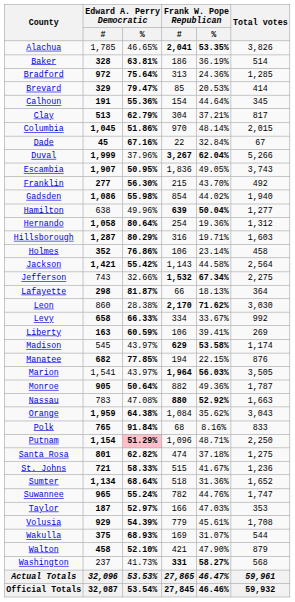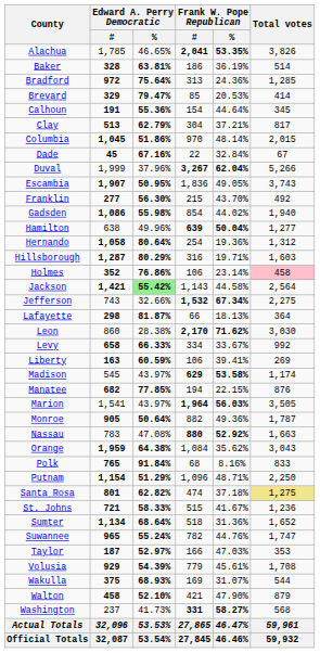 <table class="wikitable sortable">
 <tr>
 <th rowspan="2">County</th>
 <th colspan="2" style="text-align: center;" >Edward A. Perry <br><em>Democratic</em></th>
 <th colspan="2" style="text-align: center;" >Frank W. Pope <br> <em>Republican</em></th>
 <th rowspan="2">Total votes</th>
 </tr>
 <tr>
 <th colspan="1" style="text-align: center;" >#</th>
 <th colspan="1" style="text-align: center;" >%</th>
 <th colspan="1" style="text-align: center;" >#</th>
 <th colspan="1" style="text-align: center;" >%</th>
 </tr>
 <tr style="text-align:center;">
 <td><a href='#'>Alachua</a></td>
 <td>1,785</td>
 <td>46.65%</td>
 <td><strong>2,041</strong></td>
 <td><strong>53.35%</strong></td>
 <td>3,826</td>
 </tr>
 <tr style="text-align:center;">
 <td><a href='#'>Baker</a></td>
 <td><strong>328</strong></td>
 <td><strong>63.81%</strong></td>
 <td>186</td>
 <td>36.19%</td>
 <td>514</td>
 </tr>
 <tr style="text-align:center;">
 <td><a href='#'>Bradford</a></td>
 <td><strong>972</strong></td>
 <td><strong>75.64%</strong></td>
 <td>313</td>
 <td>24.36%</td>
 <td>1,285</td>
 </tr>
 <tr style="text-align:center;">
 <td><a href='#'>Brevard</a></td>
 <td><strong>329</strong></td>
 <td><strong>79.47%</strong></td>
 <td>85</td>
 <td>20.53%</td>
 <td>414</td>
 </tr>
 <tr style="text-align:center;">
 <td><a href='#'>Calhoun</a></td>
 <td><strong>191</strong></td>
 <td><strong>55.36%</strong></td>
 <td>154</td>
 <td>44.64%</td>
 <td>345</td>
 </tr>
 <tr style="text-align:center;">
 <td><a href='#'>Clay</a></td>
 <td><strong>513</strong></td>
 <td><strong>62.79%</strong></td>
 <td>304</td>
 <td>37.21%</td>
 <td>817</td>
 </tr>
 <tr style="text-align:center;">
 <td><a href='#'>Columbia</a></td>
 <td><strong>1,045</strong></td>
 <td><strong>51.86%</strong></td>
 <td>970</td>
 <td>48.14%</td>
 <td>2,015</td>
 </tr>
 <tr style="text-align:center;">
 <td><a href='#'>Dade</a></td>
 <td><strong>45</strong></td>
 <td><strong>67.16%</strong></td>
 <td>22</td>
 <td>32.84%</td>
 <td>67</td>
 </tr>
 <tr style="text-align:center;">
 <td><a href='#'>Duval</a></td>
-<td><strong>1,999</strong></td>
+<td>1,999</td>
 <td>37.96%</td>
 <td><strong>3,267</strong></td>
 <td><strong>62.04%</strong></td>
 <td>5,266</td>
 </tr>
 <tr style="text-align:center;">
 <td><a href='#'>Escambia</a></td>
 <td><strong>1,907</strong></td>
 <td><strong>50.95%</strong></td>
 <td>1,836</td>
 <td>49.05%</td>
 <td>3,743</td>
 </tr>
 <tr style="text-align:center;">
 <td><a href='#'>Franklin</a></td>
 <td><strong>277</strong></td>
 <td><strong>56.30%</strong></td>
 <td>215</td>
 <td>43.70%</td>
 <td>492</td>
 </tr>
 <tr style="text-align:center;">
 <td><a href='#'>Gadsden</a></td>
 <td><strong>1,086</strong></td>
 <td><strong>55.98%</strong></td>
 <td>854</td>
 <td>44.02%</td>
 <td>1,940</td>
 </tr>
 <tr style="text-align:center;">
 <td><a href='#'>Hamilton</a></td>
 <td>638</td>
 <td>49.96%</td>
 <td><strong>639</strong></td>
 <td><strong>50.04%</strong></td>
 <td>1,277</td>
 </tr>
 <tr style="text-align:center;">
 <td><a href='#'>Hernando</a></td>
 <td><strong>1,058</strong></td>
 <td><strong>80.64%</strong></td>
 <td>254</td>
 <td>19.36%</td>
 <td>1,312</td>
 </tr>
 <tr style="text-align:center;">
 <td><a href='#'>Hillsborough</a></td>
 <td><strong>1,287</strong></td>
 <td><strong>80.29%</strong></td>
 <td>316</td>
 <td>19.71%</td>
 <td>1,603</td>
 </tr>
 <tr style="text-align:center;">
 <td><a href='#'>Holmes</a></td>
 <td><strong>352</strong></td>
 <td><strong>76.86%</strong></td>
 <td>106</td>
 <td>23.14%</td>
-<td>458</td>
+<td style="background: pink;">458</td>
 </tr>
 <tr style="text-align:center;">
 <td><a href='#'>Jackson</a></td>
 <td><strong>1,421</strong></td>
-<td><strong>55.42%</strong></td>
+<td style="background: lightgreen;"><strong>55.42%</strong></td>
 <td>1,143</td>
 <td>44.58%</td>
 <td>2,564</td>
 </tr>
 <tr style="text-align:center;">
 <td><a href='#'>Jefferson</a></td>
 <td>743</td>
 <td>32.66%</td>
 <td><strong>1,532</strong></td>
 <td><strong>67.34%</strong></td>
 <td>2,275</td>
 </tr>
 <tr style="text-align:center;">
 <td><a href='#'>Lafayette</a></td>
 <td><strong>298</strong></td>
 <td><strong>81.87%</strong></td>
 <td>66</td>
 <td>18.13%</td>
 <td>364</td>
 </tr>
 <tr style="text-align:center;">
 <td><a href='#'>Leon</a></td>
 <td>860</td>
 <td>28.38%</td>
 <td><strong>2,170</strong></td>
 <td><strong>71.62%</strong></td>
 <td>3,030</td>
 </tr>
 <tr style="text-align:center;">
 <td><a href='#'>Levy</a></td>
 <td><strong>658</strong></td>
 <td><strong>66.33%</strong></td>
 <td>334</td>
 <td>33.67%</td>
 <td>992</td>
 </tr>
 <tr style="text-align:center;">
 <td><a href='#'>Liberty</a></td>
 <td><strong>163</strong></td>
 <td><strong>60.59%</strong></td>
 <td>106</td>
 <td>39.41%</td>
 <td>269</td>
 </tr>
 <tr style="text-align:center;">
 <td><a href='#'>Madison</a></td>
 <td>545</td>
 <td>43.97%</td>
 <td><strong>629</strong></td>
 <td><strong>53.58%</strong></td>
 <td>1,174</td>
 </tr>
 <tr style="text-align:center;">
 <td><a href='#'>Manatee</a></td>
 <td><strong>682</strong></td>
 <td><strong>77.85%</strong></td>
 <td>194</td>
 <td>22.15%</td>
 <td>876</td>
 </tr>
 <tr style="text-align:center;">
 <td><a href='#'>Marion</a></td>
 <td>1,541</td>
 <td>43.97%</td>
 <td><strong>1,964</strong></td>
 <td><strong>56.03%</strong></td>
 <td>3,505</td>
 </tr>
 <tr style="text-align:center;">
 <td><a href='#'>Monroe</a></td>
 <td><strong>905</strong></td>
 <td><strong>50.64%</strong></td>
 <td>882</td>
 <td>49.36%</td>
 <td>1,787</td>
 </tr>
 <tr style="text-align:center;">
 <td><a href='#'>Nassau</a></td>
 <td>783</td>
 <td>47.08%</td>
 <td><strong>880</strong></td>
 <td><strong>52.92%</strong></td>
 <td>1,663</td>
 </tr>
 <tr style="text-align:center;">
 <td><a href='#'>Orange</a></td>
 <td><strong>1,959</strong></td>
 <td><strong>64.38%</strong></td>
 <td>1,084</td>
 <td>35.62%</td>
 <td>3,043</td>
 </tr>
 <tr style="text-align:center;">
 <td><a href='#'>Polk</a></td>
 <td><strong>765</strong></td>
 <td><strong>91.84%</strong></td>
 <td>68</td>
 <td>8.16%</td>
 <td>833</td>
 </tr>
 <tr style="text-align:center;">
 <td><a href='#'>Putnam</a></td>
 <td><strong>1,154</strong></td>
-<td style="background: pink;"><strong>51.29%</strong></td>
+<td><strong>51.29%</strong></td>
 <td>1,096</td>
 <td>48.71%</td>
 <td>2,250</td>
 </tr>
 <tr style="text-align:center;">
 <td><a href='#'>Santa Rosa</a></td>
 <td><strong>801</strong></td>
 <td><strong>62.82%</strong></td>
 <td>474</td>
 <td>37.18%</td>
-<td>1,275</td>
+<td style="background: khaki;">1,275</td>
 </tr>
 <tr style="text-align:center;">
 <td><a href='#'>St. Johns</a></td>
 <td><strong>721</strong></td>
 <td><strong>58.33%</strong></td>
 <td>515</td>
 <td>41.67%</td>
 <td>1,236</td>
 </tr>
 <tr style="text-align:center;">
 <td><a href='#'>Sumter</a></td>
 <td><strong>1,134</strong></td>
 <td><strong>68.64%</strong></td>
 <td>518</td>
 <td>31.36%</td>
 <td>1,652</td>
 </tr>
 <tr style="text-align:center;">
 <td><a href='#'>Suwannee</a></td>
 <td><strong>965</strong></td>
 <td><strong>55.24%</strong></td>
 <td>782</td>
 <td>44.76%</td>
 <td>1,747</td>
 </tr>
 <tr style="text-align:center;">
 <td><a href='#'>Taylor</a></td>
 <td><strong>187</strong></td>
 <td><strong>52.97%</strong></td>
 <td>166</td>
 <td>47.03%</td>
 <td>353</td>
 </tr>
 <tr style="text-align:center;">
 <td><a href='#'>Volusia</a></td>
 <td><strong>929</strong></td>
 <td><strong>54.39%</strong></td>
 <td>779</td>
 <td>45.61%</td>
 <td>1,708</td>
 </tr>
 <tr style="text-align:center;">
 <td><a href='#'>Wakulla</a></td>
 <td><strong>375</strong></td>
 <td><strong>68.93%</strong></td>
 <td>169</td>
 <td>31.07%</td>
 <td>544</td>
 </tr>
 <tr style="text-align:center;">
 <td><a href='#'>Walton</a></td>
 <td><strong>458</strong></td>
 <td><strong>52.10%</strong></td>
 <td>421</td>
 <td>47.90%</td>
 <td>879</td>
 </tr>
 <tr style="text-align:center;">
 <td><a href='#'>Washington</a></td>
 <td>237</td>
 <td>41.73%</td>
 <td><strong>331</strong></td>
 <td><strong>58.27%</strong></td>
 <td>568</td>
 </tr>
 <tr style="text-align:center;">
 <th><em>Actual Totals</em></th>
 <th><em>32,096</em></th>
 <th><em>53.53%</em></th>
 <th><em>27,865</em></th>
 <th><em>46.47%</em></th>
 <th><em>59,961</em></th>
 </tr>
 <tr style="text-align:center;">
 <th>Official Totals</th>
 <th>32,087</th>
 <th>53.54%</th>
 <th>27,845</th>
 <th>46.46%</th>
 <th>59,932</th>
 </tr>
 </table>
